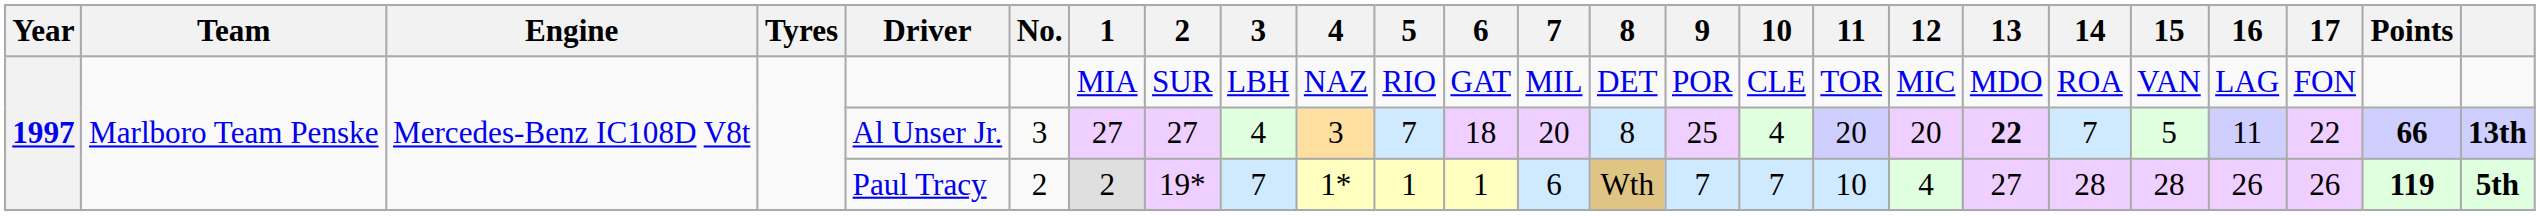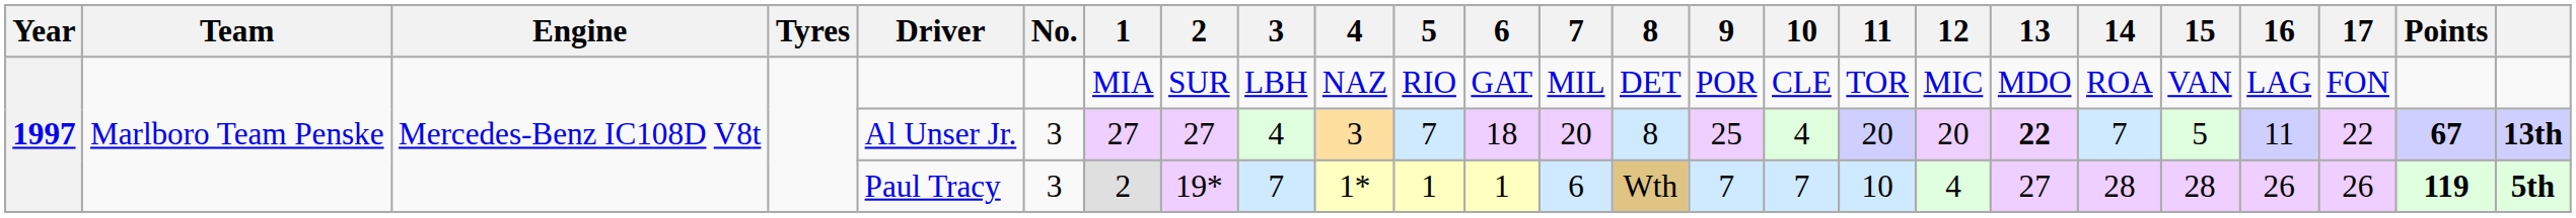 <table class="wikitable" style="text-align:center; font-size:95%">
 <tr>
 <th>Year</th>
 <th>Team</th>
 <th>Engine</th>
 <th>Tyres</th>
 <th>Driver</th>
 <th>No.</th>
 <th>1</th>
 <th>2</th>
 <th>3</th>
 <th>4</th>
 <th>5</th>
 <th>6</th>
 <th>7</th>
 <th>8</th>
 <th>9</th>
 <th>10</th>
 <th>11</th>
 <th>12</th>
 <th>13</th>
 <th>14</th>
 <th>15</th>
 <th>16</th>
 <th>17</th>
 <th>Points</th>
 <th></th>
 </tr>
 <tr>
 <th rowspan=3><a href='#'>1997</a></th>
 <td rowspan=3><a href='#'>Marlboro Team Penske</a></td>
 <td rowspan=3><a href='#'>Mercedes-Benz IC108D</a> <a href='#'>V8</a><a href='#'>t</a></td>
 <td rowspan=3></td>
 <td></td>
 <td></td>
 <td><a href='#'>MIA</a></td>
 <td><a href='#'>SUR</a></td>
 <td><a href='#'>LBH</a></td>
 <td><a href='#'>NAZ</a></td>
 <td><a href='#'>RIO</a></td>
 <td><a href='#'>GAT</a></td>
 <td><a href='#'>MIL</a></td>
 <td><a href='#'>DET</a></td>
 <td><a href='#'>POR</a></td>
 <td><a href='#'>CLE</a></td>
 <td><a href='#'>TOR</a></td>
 <td><a href='#'>MIC</a></td>
 <td><a href='#'>MDO</a></td>
 <td><a href='#'>ROA</a></td>
 <td><a href='#'>VAN</a></td>
 <td><a href='#'>LAG</a></td>
 <td><a href='#'>FON</a></td>
 <td></td>
 <td></td>
 </tr>
 <tr>
 <td align="left"> <a href='#'>Al Unser Jr.</a></td>
 <td>3</td>
 <td style="background:#EFCFFF;">27</td>
 <td style="background:#EFCFFF;">27</td>
 <td style="background:#dfffdf;">4</td>
 <td style="background:#FFDF9F;">3</td>
 <td style="background:#CFEAFF;">7</td>
 <td style="background:#EFCFFF;">18</td>
 <td style="background:#EFCFFF;">20</td>
 <td style="background:#CFEAFF;">8</td>
 <td style="background:#EFCFFF;">25</td>
 <td style="background:#dfffdf;">4</td>
 <td style="background:#CFCFFF;">20</td>
 <td style="background:#EFCFFF;">20</td>
 <td style="background:#EFCFFF;"><strong>22</strong></td>
 <td style="background:#CFEAFF;">7</td>
 <td style="background:#dfffdf;">5</td>
 <td style="background:#CFCFFF;">11</td>
 <td style="background:#EFCFFF;">22</td>
-<td style="background:#CFCFFF;"><strong>66</strong></td>
+<td style="background:#CFCFFF;"><strong>67</strong></td>
 <td style="background:#CFCFFF;"><strong>13th</strong></td>
 </tr>
 <tr>
 <td align="left"> <a href='#'>Paul Tracy</a></td>
-<td>2</td>
+<td>3</td>
 <td style="background:#DFDFDF;">2</td>
 <td style="background:#EFCFFF;">19*</td>
 <td style="background:#CFEAFF;">7</td>
 <td style="background:#ffffbf;">1*</td>
 <td style="background:#ffffbf;">1</td>
 <td style="background:#ffffbf;">1</td>
 <td style="background:#CFEAFF;">6</td>
 <td style="background:#DFC484;">Wth</td>
 <td style="background:#CFEAFF;">7</td>
 <td style="background:#CFEAFF;">7</td>
 <td style="background:#CFEAFF;">10</td>
 <td style="background:#dfffdf;">4</td>
 <td style="background:#EFCFFF;">27</td>
 <td style="background:#EFCFFF;">28</td>
 <td style="background:#EFCFFF;">28</td>
 <td style="background:#EFCFFF;">26</td>
 <td style="background:#EFCFFF;">26</td>
 <td style="background:#DFFFDF;"><strong>119</strong></td>
 <td style="background:#DFFFDF;"><strong>5th</strong></td>
 </tr>
 </table>
